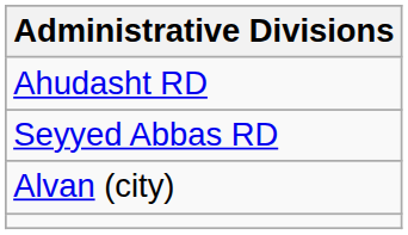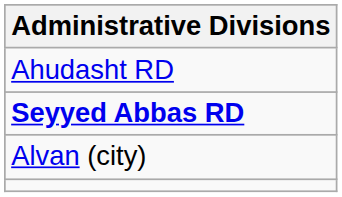 <table class="wikitable">
 <tr>
 <th>Administrative Divisions</th>
 </tr>
 <tr>
 <td><a href='#'>Ahudasht RD</a></td>
 </tr>
 <tr>
-<td><a href='#'>Seyyed Abbas RD</a></td>
+<td><strong><a href='#'>Seyyed Abbas RD</a></strong></td>
 </tr>
 <tr>
 <td><a href='#'>Alvan</a> (city)</td>
 </tr>
 <tr>
 <td colspan=1></td>
 </tr>
 </table>
